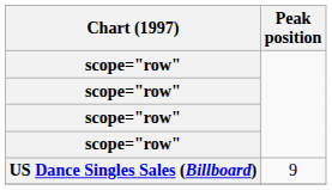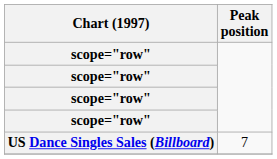 <table class="wikitable sortable plainrowheaders" style="text-align:center;">
 <tr>
 <th scope="col">Chart (1997)</th>
 <th scope="col">Peak<br>position</th>
 </tr>
 <tr>
 <th>scope="row" </th>
 </tr>
 <tr>
 <th>scope="row" </th>
 </tr>
 <tr>
 <th>scope="row" </th>
 </tr>
 <tr>
 <th>scope="row" </th>
 </tr>
 <tr>
 <th scope="row">US <a href='#'>Dance Singles Sales</a> (<em><a href='#'>Billboard</a></em>)</th>
-<td style="text-align:center;">9</td>
+<td style="text-align:center;">7</td>
 </tr>
 <tr>
 </tr>
 </table>
